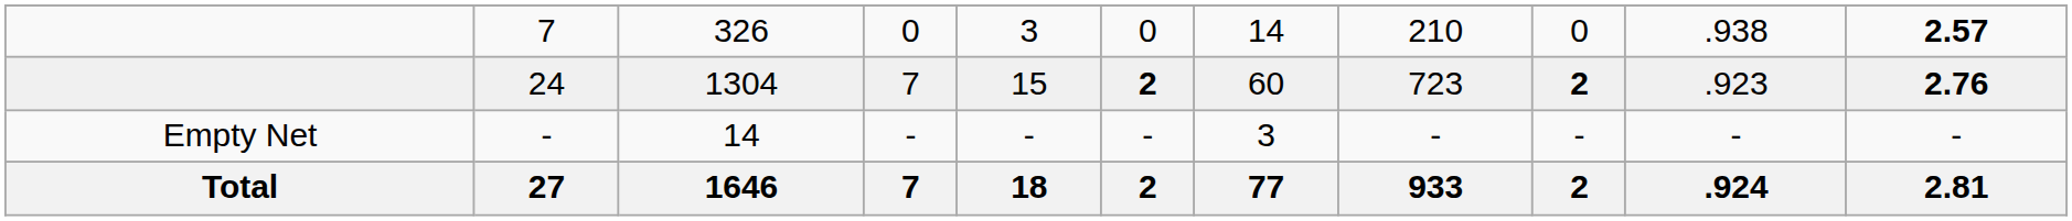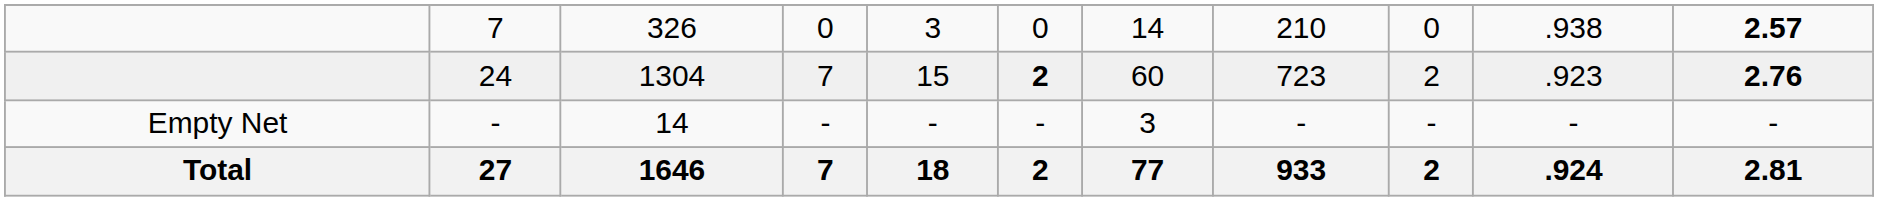 <table class="wikitable sortable" width ="1000">
 <tr align="center">
 </tr>
 <tr align="center" bgcolor="">
 <td></td>
 <td>7</td>
 <td>326</td>
 <td>0</td>
 <td>3</td>
 <td>0</td>
 <td>14</td>
 <td>210</td>
 <td>0</td>
 <td>.938</td>
 <td><strong>2.57</strong></td>
 </tr>
 <tr align="center" bgcolor="f0f0f0">
 <td></td>
 <td>24</td>
 <td>1304</td>
 <td>7</td>
 <td>15</td>
 <td><strong>2</strong></td>
 <td>60</td>
 <td>723</td>
-<td><strong>2</strong></td>
+<td>2</td>
 <td>.923</td>
 <td><strong>2.76</strong></td>
 </tr>
 <tr align="center" bgcolor="">
 <td>Empty Net</td>
 <td>-</td>
 <td>14</td>
 <td>-</td>
 <td>-</td>
 <td>-</td>
 <td>3</td>
 <td>-</td>
 <td>-</td>
 <td>-</td>
 <td>-</td>
 </tr>
 <tr>
 <th>Total</th>
 <th>27</th>
 <th>1646</th>
 <th>7</th>
 <th>18</th>
 <th>2</th>
 <th>77</th>
 <th>933</th>
 <th>2</th>
 <th>.924</th>
 <th>2.81</th>
 </tr>
 </table>
